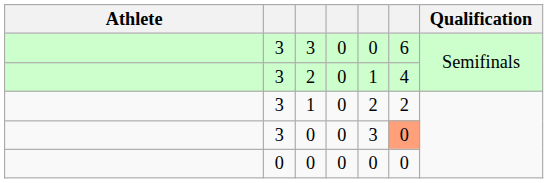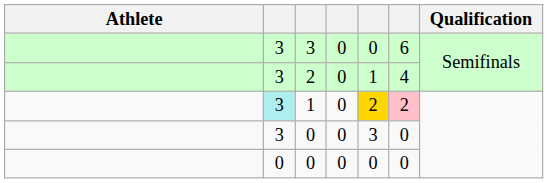 <table class="wikitable sortable" style="text-align:center">
 <tr>
 <th width=220>Athlete</th>
 <th width=20></th>
 <th width=20></th>
 <th width=20></th>
 <th width=20></th>
 <th width=20></th>
 <th width=100>Qualification</th>
 </tr>
 <tr bgcolor="#ccffcc">
 <td style="text-align:left;"></td>
 <td>3</td>
 <td>3</td>
 <td>0</td>
 <td>0</td>
 <td>6</td>
 <td rowspan="2">Semifinals</td>
 </tr>
 <tr bgcolor="#ccffcc">
 <td style="text-align:left;"></td>
 <td>3</td>
 <td>2</td>
 <td>0</td>
 <td>1</td>
 <td>4</td>
 </tr>
 <tr>
 <td style="text-align:left;"></td>
-<td>3</td>
+<td style="background: paleturquoise;">3</td>
 <td>1</td>
 <td>0</td>
-<td>2</td>
-<td>2</td>
+<td style="background: gold;">2</td>
+<td style="background: pink;">2</td>
 <td rowspan="3" colspan="3" align="center" style="vertical-align:middle;"></td>
 </tr>
 <tr>
 <td style="text-align:left;"></td>
 <td>3</td>
 <td>0</td>
 <td>0</td>
 <td>3</td>
-<td style="background: lightsalmon;">0</td>
+<td>0</td>
 </tr>
 <tr>
 <td style="text-align:left;"></td>
 <td>0</td>
 <td>0</td>
 <td>0</td>
 <td>0</td>
 <td>0</td>
 </tr>
 </table>
